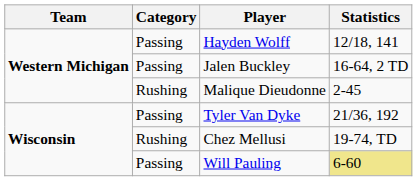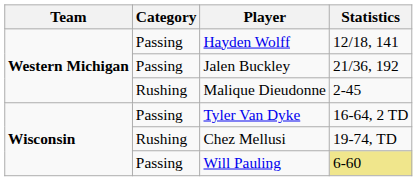 <table class="wikitable" style="float: right;">
 <tr>
 <th>Team</th>
 <th>Category</th>
 <th>Player</th>
 <th>Statistics</th>
 </tr>
 <tr>
 <td rowspan=3><strong>Western Michigan</strong></td>
 <td>Passing</td>
 <td><a href='#'>Hayden Wolff</a></td>
 <td>12/18, 141</td>
 </tr>
 <tr>
 <td>Passing</td>
 <td>Jalen Buckley</td>
-<td>16-64, 2 TD</td>
+<td>21/36, 192</td>
 </tr>
 <tr>
 <td>Rushing</td>
 <td>Malique Dieudonne</td>
 <td>2-45</td>
 </tr>
 <tr>
 <td rowspan=3><strong>Wisconsin</strong></td>
 <td>Passing</td>
 <td><a href='#'>Tyler Van Dyke</a></td>
-<td>21/36, 192</td>
+<td>16-64, 2 TD</td>
 </tr>
 <tr>
 <td>Rushing</td>
 <td>Chez Mellusi</td>
 <td>19-74, TD</td>
 </tr>
 <tr>
 <td>Passing</td>
 <td><a href='#'>Will Pauling</a></td>
 <td style="background: khaki;">6-60</td>
 </tr>
 </table>
